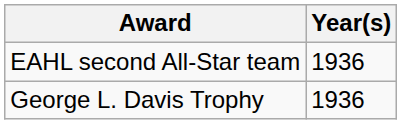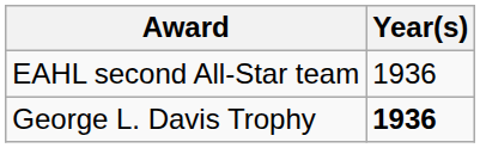 <table class="wikitable">
 <tr>
 <th>Award</th>
 <th>Year(s)</th>
 </tr>
 <tr>
 <td>EAHL second All-Star team</td>
 <td>1936</td>
 </tr>
 <tr>
 <td>George L. Davis Trophy</td>
-<td>1936</td>
+<td><strong>1936</strong></td>
 </tr>
 </table>
